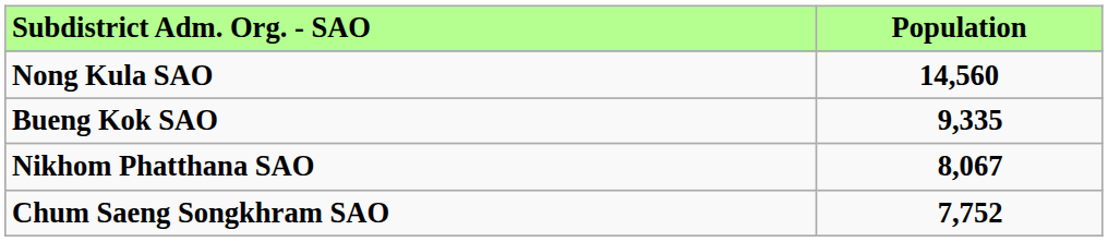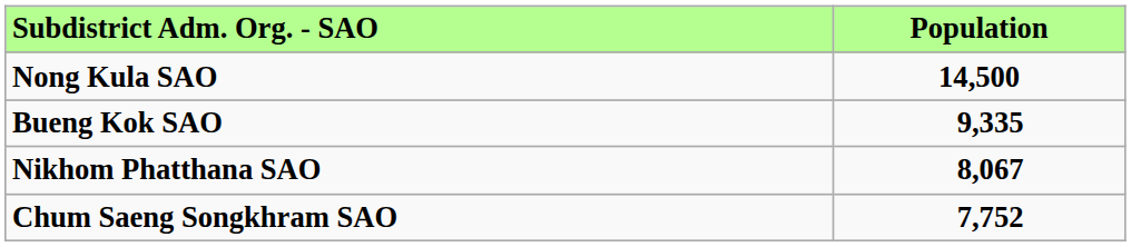 <table class="wikitable" style="width:48%; display:inline-table;">
 <tr>
 <th scope="col" style= "width:74%; background: #b4ff90; text-align:left;"><strong>Subdistrict Adm. Org. - SAO</strong></th>
 <th scope="col" style= "width:26%; background: #b4ff90; text-align:center;"><strong>Population</strong></th>
 </tr>
 <tr>
 <td><strong>Nong Kula SAO</strong></td>
-<td style="text-align:center;"><strong>14,560</strong></td>
+<td style="text-align:center;"><strong>14,500</strong></td>
 </tr>
 <tr>
 <td><strong>Bueng Kok SAO</strong></td>
 <td style="text-align:center;">   <strong>9,335</strong></td>
 </tr>
 <tr>
 <td><strong>Nikhom Phatthana SAO</strong></td>
 <td style="text-align:center;">   <strong>8,067</strong></td>
 </tr>
 <tr>
 <td><strong>Chum Saeng Songkhram SAO</strong></td>
 <td style="text-align:center;">   <strong>7,752</strong></td>
 </tr>
 </table>
